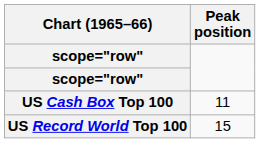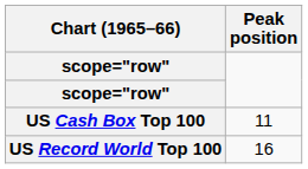 <table class="wikitable plainrowheaders sortable">
 <tr>
 <th scope="col">Chart (1965–66)</th>
 <th scope="col">Peak<br>position</th>
 </tr>
 <tr>
 <th>scope="row" </th>
 </tr>
 <tr>
 <th>scope="row" </th>
 </tr>
 <tr>
 <th scope="row">US <a href='#'><em>Cash Box</em></a> Top 100</th>
 <td align="center">11</td>
 </tr>
 <tr>
 <th scope="row">US <em><a href='#'>Record World</a></em> Top 100</th>
-<td align="center">15</td>
+<td align="center">16</td>
 </tr>
 </table>
